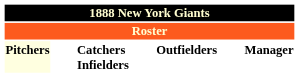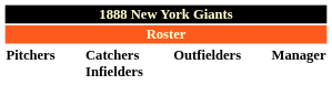 <table class="toccolours" style="font-size: 95%;">
 <tr>
 <th colspan="10" style="background-color: black; color: #FFFDD0; text-align: center;">1888 New York Giants</th>
 </tr>
 <tr>
 <td colspan="10" style="background-color: #fd5a1e; color: #FFFDD0; text-align: center;"><strong>Roster</strong></td>
 </tr>
 <tr>
-<td valign="top" style="background: lightyellow;"><strong>Pitchers</strong><br>    </td>
+<td valign="top"><strong>Pitchers</strong><br>    </td>
 <td width="25px"></td>
 <td valign="top"><strong>Catchers</strong><br>   <strong>Infielders</strong>      </td>
 <td width="25px"></td>
 <td valign="top"><strong>Outfielders</strong><br>     </td>
 <td width="25px"></td>
 <td valign="top"><strong>Manager</strong><br></td>
 </tr>
 </table>
